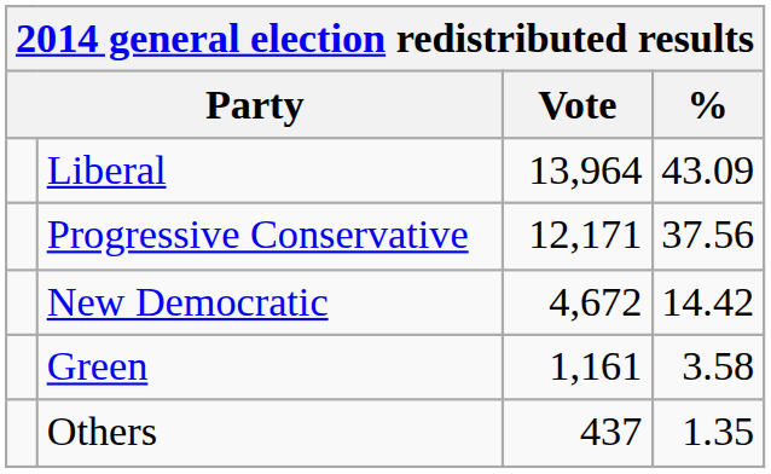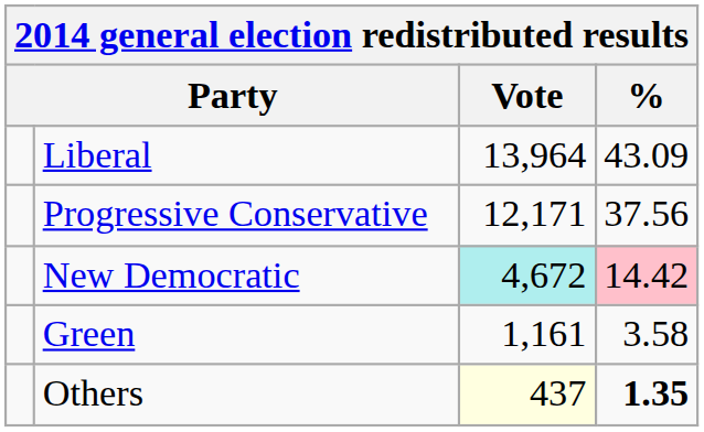 <table class="wikitable">
 <tr>
 <th colspan="4"><a href='#'>2014 general election</a> redistributed results</th>
 </tr>
 <tr>
 <th bgcolor="#DDDDFF" width="130px" colspan="2">Party</th>
 <th bgcolor="#DDDDFF" width="50px">Vote</th>
 <th bgcolor="#DDDDFF" width="30px">%</th>
 </tr>
 <tr>
 <td> </td>
 <td><a href='#'>Liberal</a></td>
 <td align=right>13,964</td>
 <td align=right>43.09</td>
 </tr>
 <tr>
 <td> </td>
 <td><a href='#'>Progressive Conservative</a></td>
 <td align=right>12,171</td>
 <td align=right>37.56</td>
 </tr>
 <tr>
 <td> </td>
 <td><a href='#'>New Democratic</a></td>
-<td align=right>4,672</td>
-<td align=right>14.42</td>
+<td align=right style="background: paleturquoise;">4,672</td>
+<td align=right style="background: pink;">14.42</td>
 </tr>
 <tr>
 <td> </td>
 <td><a href='#'>Green</a></td>
 <td align=right>1,161</td>
 <td align=right>3.58</td>
 </tr>
 <tr>
 <td> </td>
 <td>Others</td>
-<td align=right>437</td>
-<td align=right>1.35</td>
+<td align=right style="background: lightyellow;">437</td>
+<td align=right><strong>1.35</strong></td>
 </tr>
 </table>
